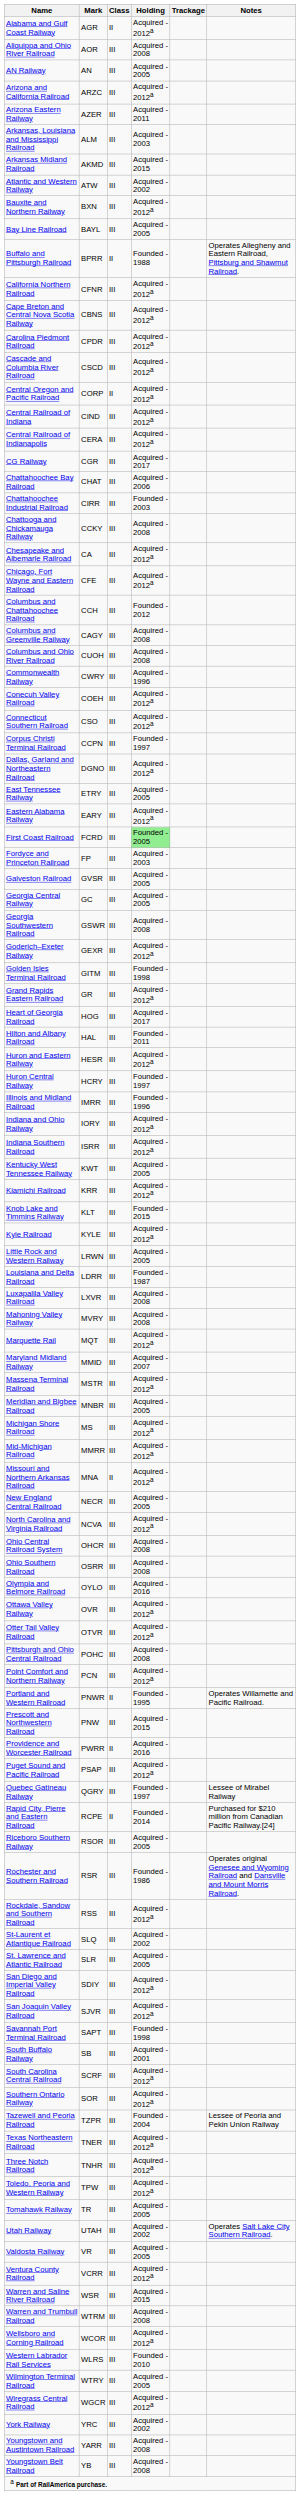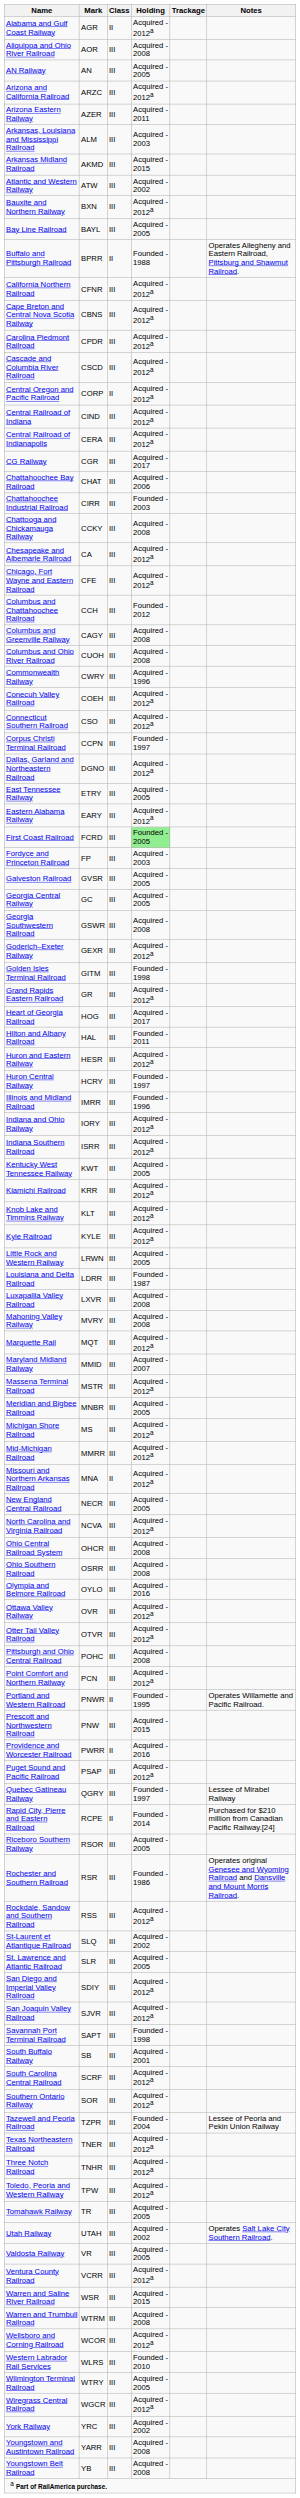 <table class="wikitable sortable">
 <tr>
 <th>Name</th>
 <th>Mark</th>
 <th>Class</th>
 <th>Holding</th>
 <th>Trackage</th>
 <th>Notes</th>
 </tr>
 <tr>
 <td><a href='#'>Alabama and Gulf Coast Railway</a></td>
 <td>AGR</td>
 <td>II</td>
 <td>Acquired - 2012<sup>a</sup></td>
 <td></td>
 <td></td>
 </tr>
 <tr>
 <td><a href='#'>Aliquippa and Ohio River Railroad</a></td>
 <td>AOR</td>
 <td>III</td>
 <td>Acquired - 2008</td>
 <td></td>
 <td></td>
 </tr>
 <tr>
 <td><a href='#'>AN Railway</a></td>
 <td>AN</td>
 <td>III</td>
 <td>Acquired - 2005</td>
 <td></td>
 <td></td>
 </tr>
 <tr>
 <td><a href='#'>Arizona and California Railroad</a></td>
 <td>ARZC</td>
 <td>III</td>
 <td>Acquired - 2012<sup>a</sup></td>
 <td></td>
 <td></td>
 </tr>
 <tr>
 <td><a href='#'>Arizona Eastern Railway</a></td>
 <td>AZER</td>
 <td>III</td>
 <td>Acquired - 2011</td>
 <td></td>
 <td></td>
 </tr>
 <tr>
 <td><a href='#'>Arkansas, Louisiana and Mississippi Railroad</a></td>
 <td>ALM</td>
 <td>III</td>
 <td>Acquired - 2003</td>
 <td></td>
 <td></td>
 </tr>
 <tr>
 <td><a href='#'>Arkansas Midland Railroad</a></td>
 <td>AKMD</td>
 <td>III</td>
 <td>Acquired - 2015</td>
 <td></td>
 <td></td>
 </tr>
 <tr>
 <td><a href='#'>Atlantic and Western Railway</a></td>
 <td>ATW</td>
 <td>III</td>
 <td>Acquired - 2002</td>
 <td></td>
 <td></td>
 </tr>
 <tr>
 <td><a href='#'>Bauxite and Northern Railway</a></td>
 <td>BXN</td>
 <td>III</td>
 <td>Acquired - 2012<sup>a</sup></td>
 <td></td>
 <td></td>
 </tr>
 <tr>
 <td><a href='#'>Bay Line Railroad</a></td>
 <td>BAYL</td>
 <td>III</td>
 <td>Acquired - 2005</td>
 <td></td>
 <td></td>
 </tr>
 <tr>
 <td><a href='#'>Buffalo and Pittsburgh Railroad</a></td>
 <td>BPRR</td>
 <td>II</td>
 <td>Founded - 1988</td>
 <td></td>
 <td>Operates Allegheny and Eastern Railroad, <a href='#'>Pittsburg and Shawmut Railroad</a>.</td>
 </tr>
 <tr>
 <td><a href='#'>California Northern Railroad</a></td>
 <td>CFNR</td>
 <td>III</td>
 <td>Acquired - 2012<sup>a</sup></td>
 <td></td>
 <td></td>
 </tr>
 <tr>
 <td><a href='#'>Cape Breton and Central Nova Scotia Railway</a></td>
 <td>CBNS</td>
 <td>III</td>
 <td>Acquired - 2012<sup>a</sup></td>
 <td></td>
 <td></td>
 </tr>
 <tr>
 <td><a href='#'>Carolina Piedmont Railroad</a></td>
 <td>CPDR</td>
 <td>III</td>
 <td>Acquired - 2012<sup>a</sup></td>
 <td></td>
 <td></td>
 </tr>
 <tr>
 <td><a href='#'>Cascade and Columbia River Railroad</a></td>
 <td>CSCD</td>
 <td>III</td>
 <td>Acquired - 2012<sup>a</sup></td>
 <td></td>
 <td></td>
 </tr>
 <tr>
 <td><a href='#'>Central Oregon and Pacific Railroad</a></td>
 <td>CORP</td>
 <td>II</td>
 <td>Acquired - 2012<sup>a</sup></td>
 <td></td>
 <td></td>
 </tr>
 <tr>
 <td><a href='#'>Central Railroad of Indiana</a></td>
 <td>CIND</td>
 <td>III</td>
 <td>Acquired - 2012<sup>a</sup></td>
 <td></td>
 <td></td>
 </tr>
 <tr>
 <td><a href='#'>Central Railroad of Indianapolis</a></td>
 <td>CERA</td>
 <td>III</td>
 <td>Acquired - 2012<sup>a</sup></td>
 <td></td>
 <td></td>
 </tr>
 <tr>
 <td><a href='#'>CG Railway</a></td>
 <td>CGR</td>
 <td>III</td>
 <td>Acquired - 2017</td>
 <td></td>
 <td></td>
 </tr>
 <tr>
 <td><a href='#'>Chattahoochee Bay Railroad</a></td>
 <td>CHAT</td>
 <td>III</td>
 <td>Acquired - 2006</td>
 <td></td>
 <td></td>
 </tr>
 <tr>
 <td><a href='#'>Chattahoochee Industrial Railroad</a></td>
 <td>CIRR</td>
 <td>III</td>
 <td>Founded - 2003</td>
 <td></td>
 <td></td>
 </tr>
 <tr>
 <td><a href='#'>Chattooga and Chickamauga Railway</a></td>
 <td>CCKY</td>
 <td>III</td>
 <td>Acquired - 2008</td>
 <td></td>
 <td></td>
 </tr>
 <tr>
 <td><a href='#'>Chesapeake and Albemarle Railroad</a></td>
 <td>CA</td>
 <td>III</td>
 <td>Acquired - 2012<sup>a</sup></td>
 <td></td>
 <td></td>
 </tr>
 <tr>
 <td><a href='#'>Chicago, Fort Wayne and Eastern Railroad</a></td>
 <td>CFE</td>
 <td>III</td>
 <td>Acquired - 2012<sup>a</sup></td>
 <td></td>
 <td></td>
 </tr>
 <tr>
 <td><a href='#'>Columbus and Chattahoochee Railroad</a></td>
 <td>CCH</td>
 <td>III</td>
 <td>Founded - 2012</td>
 <td></td>
 <td></td>
 </tr>
 <tr>
 <td><a href='#'>Columbus and Greenville Railway</a></td>
 <td>CAGY</td>
 <td>III</td>
 <td>Acquired - 2008</td>
 <td></td>
 <td></td>
 </tr>
 <tr>
 <td><a href='#'>Columbus and Ohio River Railroad</a></td>
 <td>CUOH</td>
 <td>III</td>
 <td>Acquired - 2008</td>
 <td></td>
 <td></td>
 </tr>
 <tr>
 <td><a href='#'>Commonwealth Railway</a></td>
 <td>CWRY</td>
 <td>III</td>
 <td>Acquired - 1996</td>
 <td></td>
 <td></td>
 </tr>
 <tr>
 <td><a href='#'>Conecuh Valley Railroad</a></td>
 <td>COEH</td>
 <td>III</td>
 <td>Acquired - 2012<sup>a</sup></td>
 <td></td>
 <td></td>
 </tr>
 <tr>
 <td><a href='#'>Connecticut Southern Railroad</a></td>
 <td>CSO</td>
 <td>III</td>
 <td>Acquired - 2012<sup>a</sup></td>
 <td></td>
 <td></td>
 </tr>
 <tr>
 <td><a href='#'>Corpus Christi Terminal Railroad</a></td>
 <td>CCPN</td>
 <td>III</td>
 <td>Founded - 1997</td>
 <td></td>
 <td></td>
 </tr>
 <tr>
 <td><a href='#'>Dallas, Garland and Northeastern Railroad</a></td>
 <td>DGNO</td>
 <td>III</td>
 <td>Acquired - 2012<sup>a</sup></td>
 <td></td>
 <td></td>
 </tr>
 <tr>
 <td><a href='#'>East Tennessee Railway</a></td>
 <td>ETRY</td>
 <td>III</td>
 <td>Acquired - 2005</td>
 <td></td>
 <td></td>
 </tr>
 <tr>
 <td><a href='#'>Eastern Alabama Railway</a></td>
 <td>EARY</td>
 <td>III</td>
 <td>Acquired - 2012<sup>a</sup></td>
 <td></td>
 <td></td>
 </tr>
 <tr>
 <td><a href='#'>First Coast Railroad</a></td>
 <td>FCRD</td>
 <td>III</td>
 <td style="background: lightgreen;">Founded - 2005</td>
 <td></td>
 <td></td>
 </tr>
 <tr>
 <td><a href='#'>Fordyce and Princeton Railroad</a></td>
 <td>FP</td>
 <td>III</td>
 <td>Acquired - 2003</td>
 <td></td>
 <td></td>
 </tr>
 <tr>
 <td><a href='#'>Galveston Railroad</a></td>
 <td>GVSR</td>
 <td>III</td>
 <td>Acquired - 2005</td>
 <td></td>
 <td></td>
 </tr>
 <tr>
 <td><a href='#'>Georgia Central Railway</a></td>
 <td>GC</td>
 <td>III</td>
 <td>Acquired - 2005</td>
 <td></td>
 <td></td>
 </tr>
 <tr>
 <td><a href='#'>Georgia Southwestern Railroad</a></td>
 <td>GSWR</td>
 <td>III</td>
 <td>Acquired - 2008</td>
 <td></td>
 <td></td>
 </tr>
 <tr>
 <td><a href='#'>Goderich–Exeter Railway</a></td>
 <td>GEXR</td>
 <td>III</td>
 <td>Acquired - 2012<sup>a</sup></td>
 <td></td>
 <td></td>
 </tr>
 <tr>
 <td><a href='#'>Golden Isles Terminal Railroad</a></td>
 <td>GITM</td>
 <td>III</td>
 <td>Founded - 1998</td>
 <td></td>
 <td></td>
 </tr>
 <tr>
 <td><a href='#'>Grand Rapids Eastern Railroad</a></td>
 <td>GR</td>
 <td>III</td>
 <td>Acquired - 2012<sup>a</sup></td>
 <td></td>
 <td></td>
 </tr>
 <tr>
 <td><a href='#'>Heart of Georgia Railroad</a></td>
 <td>HOG</td>
 <td>III</td>
 <td>Acquired - 2017</td>
 <td></td>
 <td></td>
 </tr>
 <tr>
 <td><a href='#'>Hilton and Albany Railroad</a></td>
 <td>HAL</td>
 <td>III</td>
 <td>Founded - 2011</td>
 <td></td>
 <td></td>
 </tr>
 <tr>
 <td><a href='#'>Huron and Eastern Railway</a></td>
 <td>HESR</td>
 <td>III</td>
 <td>Acquired - 2012<sup>a</sup></td>
 <td></td>
 <td></td>
 </tr>
 <tr>
 <td><a href='#'>Huron Central Railway</a></td>
 <td>HCRY</td>
 <td>III</td>
 <td>Founded - 1997</td>
 <td></td>
 <td></td>
 </tr>
 <tr>
 <td><a href='#'>Illinois and Midland Railroad</a></td>
 <td>IMRR</td>
 <td>III</td>
 <td>Founded - 1996</td>
 <td></td>
 <td></td>
 </tr>
 <tr>
 <td><a href='#'>Indiana and Ohio Railway</a></td>
 <td>IORY</td>
 <td>III</td>
 <td>Acquired - 2012<sup>a</sup></td>
 <td></td>
 <td></td>
 </tr>
 <tr>
 <td><a href='#'>Indiana Southern Railroad</a></td>
 <td>ISRR</td>
 <td>III</td>
 <td>Acquired - 2012<sup>a</sup></td>
 <td></td>
 <td></td>
 </tr>
 <tr>
 <td><a href='#'>Kentucky West Tennessee Railway</a></td>
 <td>KWT</td>
 <td>III</td>
 <td>Acquired - 2005</td>
 <td></td>
 <td></td>
 </tr>
 <tr>
 <td><a href='#'>Kiamichi Railroad</a></td>
 <td>KRR</td>
 <td>III</td>
 <td>Acquired - 2012<sup>a</sup></td>
 <td></td>
 <td></td>
 </tr>
 <tr>
 <td><a href='#'>Knob Lake and Timmins Railway</a></td>
 <td>KLT</td>
 <td>III</td>
-<td>Founded - 2015</td>
+<td>Acquired - 2012<sup>a</sup></td>
 <td></td>
 <td></td>
 </tr>
 <tr>
 <td><a href='#'>Kyle Railroad</a></td>
 <td>KYLE</td>
 <td>III</td>
 <td>Acquired - 2012<sup>a</sup></td>
 <td></td>
 <td></td>
 </tr>
 <tr>
 <td><a href='#'>Little Rock and Western Railway</a></td>
 <td>LRWN</td>
 <td>III</td>
 <td>Acquired - 2005</td>
 <td></td>
 <td></td>
 </tr>
 <tr>
 <td><a href='#'>Louisiana and Delta Railroad</a></td>
 <td>LDRR</td>
 <td>III</td>
 <td>Founded - 1987</td>
 <td></td>
 <td></td>
 </tr>
 <tr>
 <td><a href='#'>Luxapalila Valley Railroad</a></td>
 <td>LXVR</td>
 <td>III</td>
 <td>Acquired - 2008</td>
 <td></td>
 <td></td>
 </tr>
 <tr>
 <td><a href='#'>Mahoning Valley Railway</a></td>
 <td>MVRY</td>
 <td>III</td>
 <td>Acquired - 2008</td>
 <td></td>
 <td></td>
 </tr>
 <tr>
 <td><a href='#'>Marquette Rail</a></td>
 <td>MQT</td>
 <td>III</td>
 <td>Acquired - 2012<sup>a</sup></td>
 <td></td>
 <td></td>
 </tr>
 <tr>
 <td><a href='#'>Maryland Midland Railway</a></td>
 <td>MMID</td>
 <td>III</td>
 <td>Acquired - 2007</td>
 <td></td>
 <td></td>
 </tr>
 <tr>
 <td><a href='#'>Massena Terminal Railroad</a></td>
 <td>MSTR</td>
 <td>III</td>
 <td>Acquired - 2012<sup>a</sup></td>
 <td></td>
 <td></td>
 </tr>
 <tr>
 <td><a href='#'>Meridian and Bigbee Railroad</a></td>
 <td>MNBR</td>
 <td>III</td>
 <td>Acquired - 2005</td>
 <td></td>
 <td></td>
 </tr>
 <tr>
 <td><a href='#'>Michigan Shore Railroad</a></td>
 <td>MS</td>
 <td>III</td>
 <td>Acquired - 2012<sup>a</sup></td>
 <td></td>
 <td></td>
 </tr>
 <tr>
 <td><a href='#'>Mid-Michigan Railroad</a></td>
 <td>MMRR</td>
 <td>III</td>
 <td>Acquired - 2012<sup>a</sup></td>
 <td></td>
 <td></td>
 </tr>
 <tr>
 <td><a href='#'>Missouri and Northern Arkansas Railroad</a></td>
 <td>MNA</td>
 <td>II</td>
 <td>Acquired - 2012<sup>a</sup></td>
 <td></td>
 <td></td>
 </tr>
 <tr>
 <td><a href='#'>New England Central Railroad</a></td>
 <td>NECR</td>
 <td>III</td>
 <td>Acquired - 2005</td>
 <td></td>
 <td></td>
 </tr>
 <tr>
 <td><a href='#'>North Carolina and Virginia Railroad</a></td>
 <td>NCVA</td>
 <td>III</td>
 <td>Acquired - 2012<sup>a</sup></td>
 <td></td>
 <td></td>
 </tr>
 <tr>
 <td><a href='#'>Ohio Central Railroad System</a></td>
 <td>OHCR</td>
 <td>III</td>
 <td>Acquired - 2008</td>
 <td></td>
 <td></td>
 </tr>
 <tr>
 <td><a href='#'>Ohio Southern Railroad</a></td>
 <td>OSRR</td>
 <td>III</td>
 <td>Acquired - 2008</td>
 <td></td>
 <td></td>
 </tr>
 <tr>
 <td><a href='#'>Olympia and Belmore Railroad</a></td>
 <td>OYLO</td>
 <td>III</td>
 <td>Acquired - 2016</td>
 <td></td>
 <td></td>
 </tr>
 <tr>
 <td><a href='#'>Ottawa Valley Railway</a></td>
 <td>OVR</td>
 <td>III</td>
 <td>Acquired - 2012<sup>a</sup></td>
 <td></td>
 <td></td>
 </tr>
 <tr>
 <td><a href='#'>Otter Tail Valley Railroad</a></td>
 <td>OTVR</td>
 <td>III</td>
 <td>Acquired - 2012<sup>a</sup></td>
 <td></td>
 <td></td>
 </tr>
 <tr>
 <td><a href='#'>Pittsburgh and Ohio Central Railroad</a></td>
 <td>POHC</td>
 <td>III</td>
 <td>Acquired - 2008</td>
 <td></td>
 <td></td>
 </tr>
 <tr>
 <td><a href='#'>Point Comfort and Northern Railway</a></td>
 <td>PCN</td>
 <td>III</td>
 <td>Acquired - 2012<sup>a</sup></td>
 <td></td>
 <td></td>
 </tr>
 <tr>
 <td><a href='#'>Portland and Western Railroad</a></td>
 <td>PNWR</td>
 <td>II</td>
 <td>Founded - 1995</td>
 <td></td>
 <td>Operates Willamette and Pacific Railroad.</td>
 </tr>
 <tr>
 <td><a href='#'>Prescott and Northwestern Railroad</a></td>
 <td>PNW</td>
 <td>III</td>
 <td>Acquired - 2015</td>
 <td></td>
 <td></td>
 </tr>
 <tr>
 <td><a href='#'>Providence and Worcester Railroad</a></td>
 <td>PWRR</td>
 <td>II</td>
 <td>Acquired - 2016</td>
 <td></td>
 <td></td>
 </tr>
 <tr>
 <td><a href='#'>Puget Sound and Pacific Railroad</a></td>
 <td>PSAP</td>
 <td>III</td>
 <td>Acquired - 2012<sup>a</sup></td>
 <td></td>
 <td></td>
 </tr>
 <tr>
 <td><a href='#'>Quebec Gatineau Railway</a></td>
 <td>QGRY</td>
 <td>III</td>
 <td>Founded - 1997</td>
 <td></td>
 <td>Lessee of Mirabel Railway</td>
 </tr>
 <tr>
 <td><a href='#'>Rapid City, Pierre and Eastern Railroad</a></td>
 <td>RCPE</td>
 <td>II</td>
 <td>Founded - 2014</td>
 <td></td>
 <td>Purchased for $210 million from Canadian Pacific Railway.[24]</td>
 </tr>
 <tr>
 <td><a href='#'>Riceboro Southern Railway</a></td>
 <td>RSOR</td>
 <td>III</td>
 <td>Acquired - 2005</td>
 <td></td>
 <td></td>
 </tr>
 <tr>
 <td><a href='#'>Rochester and Southern Railroad</a></td>
 <td>RSR</td>
 <td>III</td>
 <td>Founded - 1986</td>
 <td></td>
 <td>Operates original <a href='#'>Genesee and Wyoming Railroad</a> and <a href='#'>Dansville and Mount Morris Railroad</a>.</td>
 </tr>
 <tr>
 <td><a href='#'>Rockdale, Sandow and Southern Railroad</a></td>
 <td>RSS</td>
 <td>III</td>
 <td>Acquired - 2012<sup>a</sup></td>
 <td></td>
 <td></td>
 </tr>
 <tr>
 <td><a href='#'>St-Laurent et Atlantique Railroad</a></td>
 <td>SLQ</td>
 <td>III</td>
 <td>Acquired - 2002</td>
 <td></td>
 <td></td>
 </tr>
 <tr>
 <td><a href='#'>St. Lawrence and Atlantic Railroad</a></td>
 <td>SLR</td>
 <td>III</td>
 <td>Acquired - 2005</td>
 <td></td>
 <td></td>
 </tr>
 <tr>
 <td><a href='#'>San Diego and Imperial Valley Railroad</a></td>
 <td>SDIY</td>
 <td>III</td>
 <td>Acquired - 2012<sup>a</sup></td>
 <td></td>
 <td></td>
 </tr>
 <tr>
 <td><a href='#'>San Joaquin Valley Railroad</a></td>
 <td>SJVR</td>
 <td>III</td>
 <td>Acquired - 2012<sup>a</sup></td>
 <td></td>
 <td></td>
 </tr>
 <tr>
 <td><a href='#'>Savannah Port Terminal Railroad</a></td>
 <td>SAPT</td>
 <td>III</td>
 <td>Founded - 1998</td>
 <td></td>
 <td></td>
 </tr>
 <tr>
 <td><a href='#'>South Buffalo Railway</a></td>
 <td>SB</td>
 <td>III</td>
 <td>Acquired - 2001</td>
 <td></td>
 <td></td>
 </tr>
 <tr>
 <td><a href='#'>South Carolina Central Railroad</a></td>
 <td>SCRF</td>
 <td>III</td>
 <td>Acquired - 2012<sup>a</sup></td>
 <td></td>
 <td></td>
 </tr>
 <tr>
 <td><a href='#'>Southern Ontario Railway</a></td>
 <td>SOR</td>
 <td>III</td>
 <td>Acquired - 2012<sup>a</sup></td>
 <td></td>
 <td></td>
 </tr>
 <tr>
 <td><a href='#'>Tazewell and Peoria Railroad</a></td>
 <td>TZPR</td>
 <td>III</td>
 <td>Founded - 2004</td>
 <td></td>
 <td>Lessee of Peoria and Pekin Union Railway</td>
 </tr>
 <tr>
 <td><a href='#'>Texas Northeastern Railroad</a></td>
 <td>TNER</td>
 <td>III</td>
 <td>Acquired - 2012<sup>a</sup></td>
 <td></td>
 <td></td>
 </tr>
 <tr>
 <td><a href='#'>Three Notch Railroad</a></td>
 <td>TNHR</td>
 <td>III</td>
 <td>Acquired - 2012<sup>a</sup></td>
 <td></td>
 <td></td>
 </tr>
 <tr>
 <td><a href='#'>Toledo, Peoria and Western Railway</a></td>
 <td>TPW</td>
 <td>III</td>
 <td>Acquired - 2012<sup>a</sup></td>
 <td></td>
 <td></td>
 </tr>
 <tr>
 <td><a href='#'>Tomahawk Railway</a></td>
 <td>TR</td>
 <td>III</td>
 <td>Acquired - 2005</td>
 <td></td>
 <td></td>
 </tr>
 <tr>
 <td><a href='#'>Utah Railway</a></td>
 <td>UTAH</td>
 <td>III</td>
 <td>Acquired - 2002</td>
 <td></td>
 <td>Operates <a href='#'>Salt Lake City Southern Railroad</a>.</td>
 </tr>
 <tr>
 <td><a href='#'>Valdosta Railway</a></td>
 <td>VR</td>
 <td>III</td>
 <td>Acquired - 2005</td>
 <td></td>
 <td></td>
 </tr>
 <tr>
 <td><a href='#'>Ventura County Railroad</a></td>
 <td>VCRR</td>
 <td>III</td>
 <td>Acquired - 2012<sup>a</sup></td>
 <td></td>
 <td></td>
 </tr>
 <tr>
 <td><a href='#'>Warren and Saline River Railroad</a></td>
 <td>WSR</td>
 <td>III</td>
 <td>Acquired - 2015</td>
 <td></td>
 <td></td>
 </tr>
 <tr>
 <td><a href='#'>Warren and Trumbull Railroad</a></td>
 <td>WTRM</td>
 <td>III</td>
 <td>Acquired - 2008</td>
 <td></td>
 <td></td>
 </tr>
 <tr>
 <td><a href='#'>Wellsboro and Corning Railroad</a></td>
 <td>WCOR</td>
 <td>III</td>
 <td>Acquired - 2012<sup>a</sup></td>
 <td></td>
 <td></td>
 </tr>
 <tr>
 <td><a href='#'>Western Labrador Rail Services</a></td>
 <td>WLRS</td>
 <td>III</td>
 <td>Founded - 2010</td>
 <td></td>
 <td></td>
 </tr>
 <tr>
 <td><a href='#'>Wilmington Terminal Railroad</a></td>
 <td>WTRY</td>
 <td>III</td>
 <td>Acquired - 2005</td>
 <td></td>
 <td></td>
 </tr>
 <tr>
 <td><a href='#'>Wiregrass Central Railroad</a></td>
 <td>WGCR</td>
 <td>III</td>
 <td>Acquired - 2012<sup>a</sup></td>
 <td></td>
 <td></td>
 </tr>
 <tr>
 <td><a href='#'>York Railway</a></td>
 <td>YRC</td>
 <td>III</td>
 <td>Acquired - 2002</td>
 <td></td>
 <td></td>
 </tr>
 <tr>
 <td><a href='#'>Youngstown and Austintown Railroad</a></td>
 <td>YARR</td>
 <td>III</td>
 <td>Acquired - 2008</td>
 <td></td>
 <td></td>
 </tr>
 <tr>
 <td><a href='#'>Youngstown Belt Railroad</a></td>
 <td>YB</td>
 <td>III</td>
 <td>Acquired - 2008</td>
 <td></td>
 <td></td>
 </tr>
 <tr - class="sortbottom">
 <td colspan=6>  <sup>a</sup> <small><strong>Part of RailAmerica purchase.</strong></small></td>
 </tr>
 </table>
